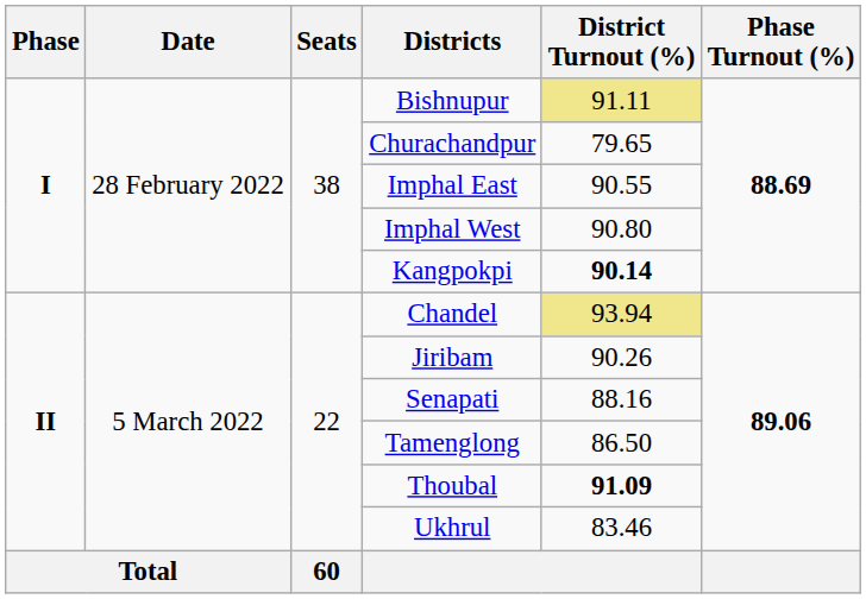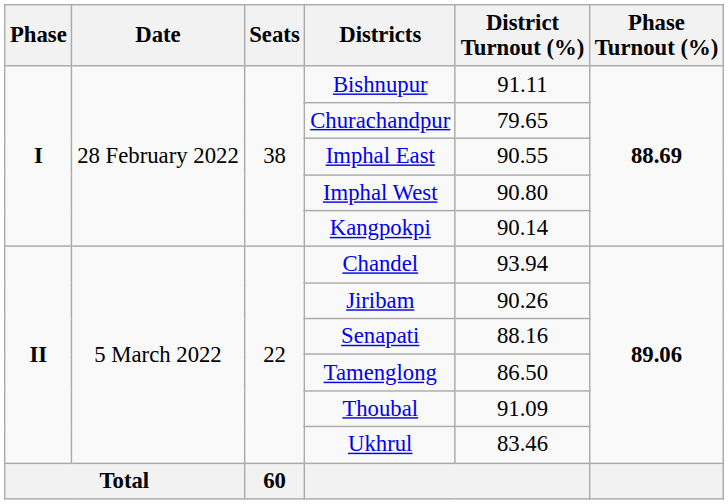 <table class="wikitable sortable" style="text-align:center">
 <tr>
 <th>Phase</th>
 <th>Date</th>
 <th>Seats</th>
 <th>Districts</th>
 <th>District <br>Turnout (%)</th>
 <th>Phase <br>Turnout (%)</th>
 </tr>
 <tr>
 <td rowspan="5"><strong>I</strong></td>
 <td rowspan="5">28 February 2022</td>
 <td rowspan="5">38</td>
 <td><a href='#'>Bishnupur</a></td>
-<td style="background: khaki;">91.11</td>
+<td>91.11</td>
 <td rowspan="5"><strong>88.69</strong></td>
 </tr>
 <tr>
 <td><a href='#'>Churachandpur</a></td>
 <td>79.65</td>
 </tr>
 <tr>
 <td><a href='#'>Imphal East</a></td>
 <td>90.55</td>
 </tr>
 <tr>
 <td><a href='#'>Imphal West</a></td>
 <td>90.80</td>
 </tr>
 <tr>
 <td><a href='#'>Kangpokpi</a></td>
-<td><strong>90.14</strong></td>
+<td>90.14</td>
 </tr>
 <tr>
 <td rowspan="6"><strong>II</strong></td>
 <td rowspan="6">5 March 2022</td>
 <td rowspan="6">22</td>
 <td><a href='#'>Chandel</a></td>
-<td style="background: khaki;">93.94</td>
+<td>93.94</td>
 <td rowspan="6"><strong>89.06</strong></td>
 </tr>
 <tr>
 <td><a href='#'>Jiribam</a></td>
 <td>90.26</td>
 </tr>
 <tr>
 <td><a href='#'>Senapati</a></td>
 <td>88.16</td>
 </tr>
 <tr>
 <td><a href='#'>Tamenglong</a></td>
 <td>86.50</td>
 </tr>
 <tr>
 <td><a href='#'>Thoubal</a></td>
-<td><strong>91.09</strong></td>
+<td>91.09</td>
 </tr>
 <tr>
 <td><a href='#'>Ukhrul</a></td>
 <td>83.46</td>
 </tr>
 <tr>
 <th colspan="2">Total</th>
 <th>60</th>
 <th colspan="2"></th>
 <th></th>
 </tr>
 </table>
